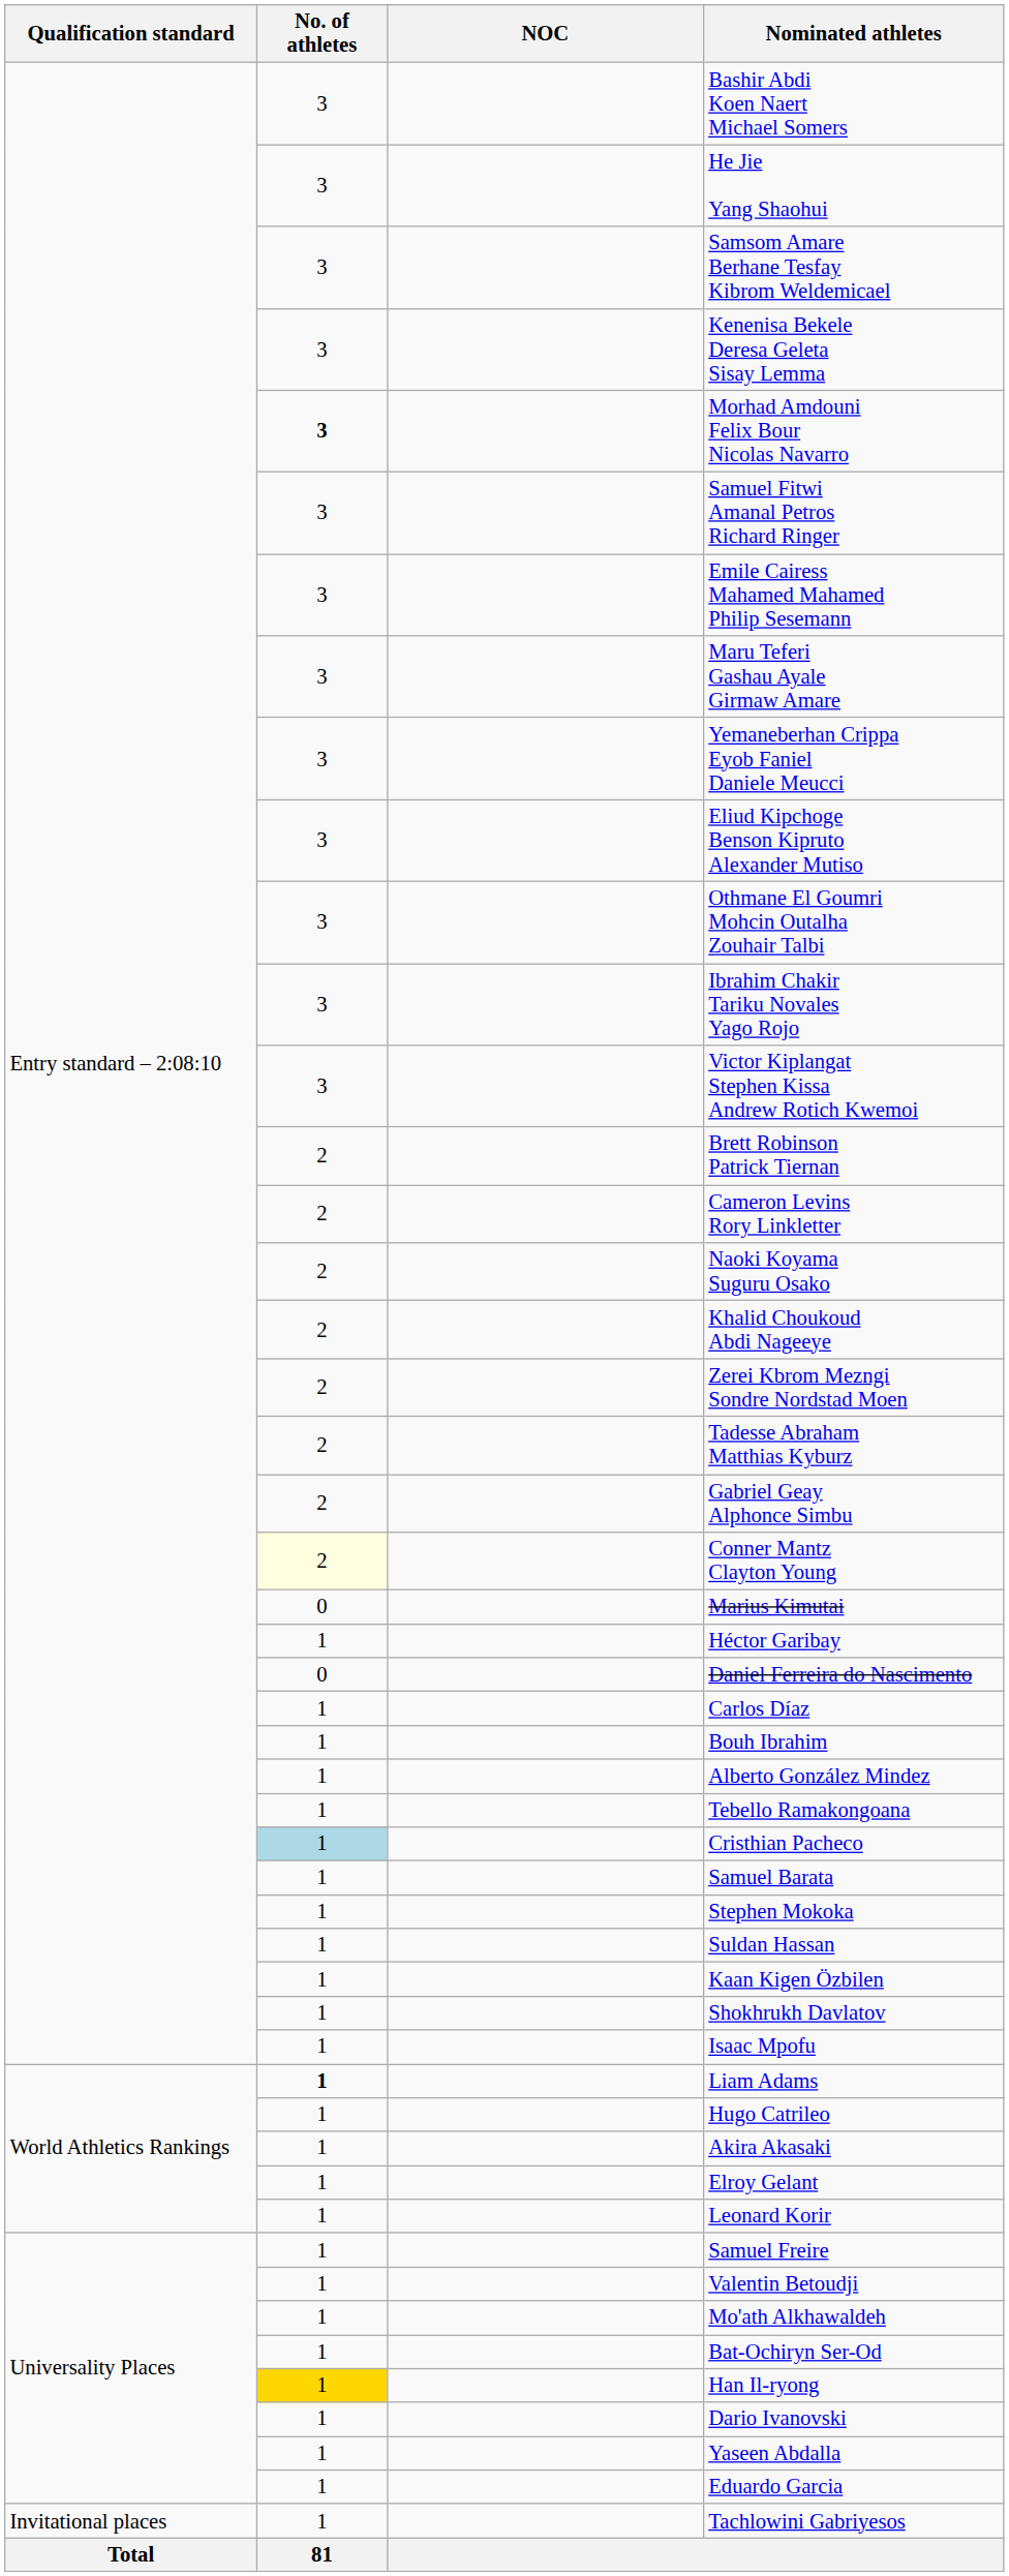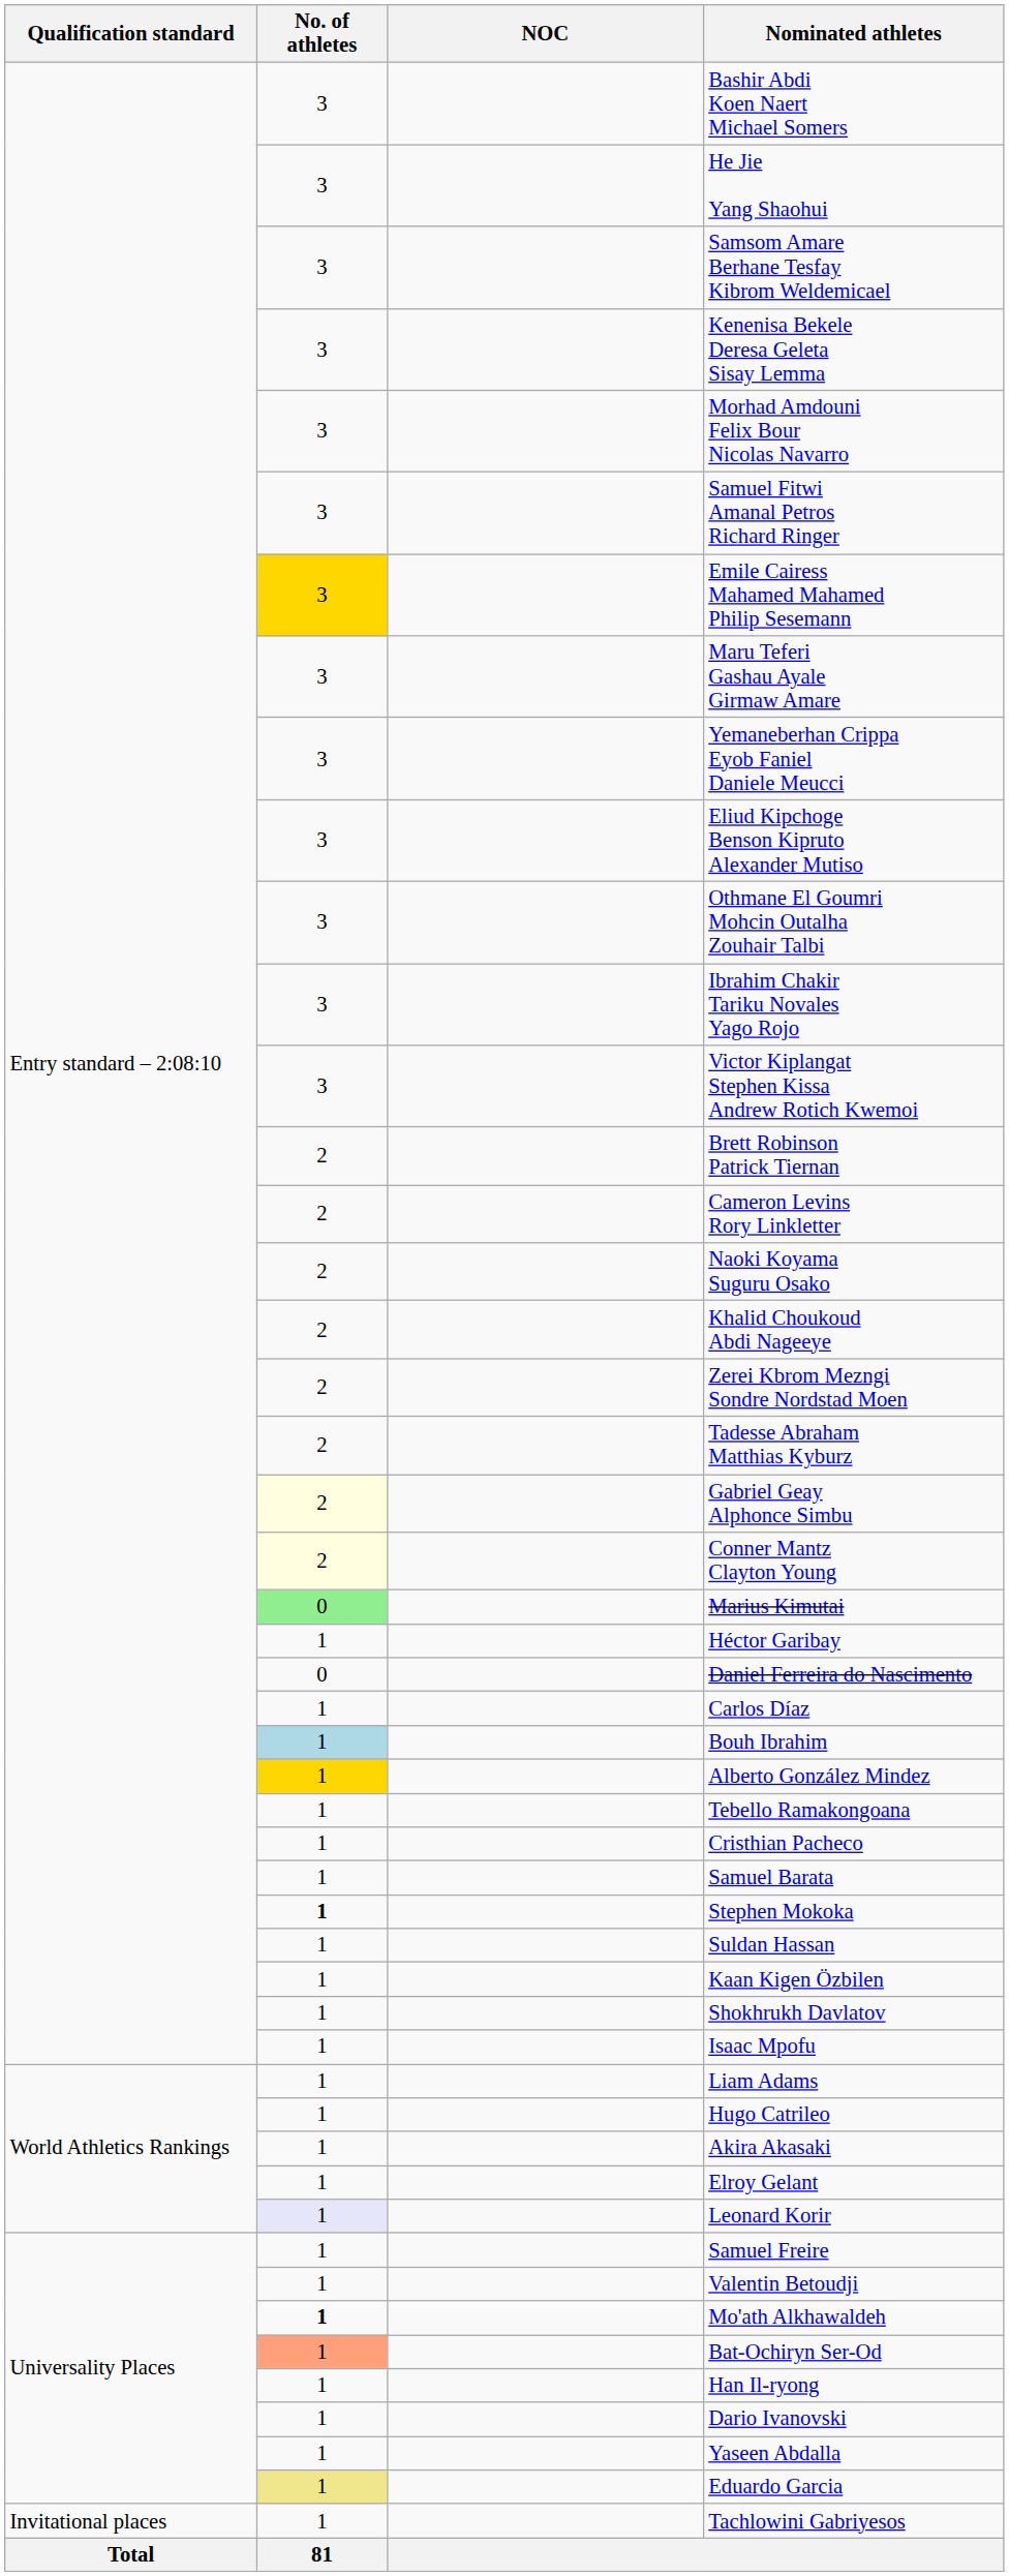 <table class="wikitable" style="text-align:left; width:750px;">
 <tr>
 <th>Qualification standard</th>
 <th width=90>No. of athletes</th>
 <th width=230>NOC</th>
 <th>Nominated athletes</th>
 </tr>
 <tr>
 <td rowspan=35>Entry standard – 2:08:10</td>
 <td align=center>3</td>
 <td></td>
 <td><a href='#'>Bashir Abdi</a><br><a href='#'>Koen Naert</a><br><a href='#'>Michael Somers</a></td>
 </tr>
 <tr>
 <td align=center>3</td>
 <td></td>
 <td><a href='#'>He Jie</a><br><br><a href='#'>Yang Shaohui</a></td>
 </tr>
 <tr>
 <td align=center>3</td>
 <td></td>
 <td><a href='#'>Samsom Amare</a><br><a href='#'>Berhane Tesfay</a><br><a href='#'>Kibrom Weldemicael</a></td>
 </tr>
 <tr>
 <td align=center>3</td>
 <td></td>
 <td><a href='#'>Kenenisa Bekele</a><br><a href='#'>Deresa Geleta</a><br><a href='#'>Sisay Lemma</a></td>
 </tr>
 <tr>
-<td align=center><strong>3</strong></td>
+<td align=center>3</td>
 <td></td>
 <td><a href='#'>Morhad Amdouni</a><br><a href='#'>Felix Bour</a><br><a href='#'>Nicolas Navarro</a></td>
 </tr>
 <tr>
 <td align=center>3</td>
 <td></td>
 <td><a href='#'>Samuel Fitwi</a><br><a href='#'>Amanal Petros</a><br><a href='#'>Richard Ringer</a></td>
 </tr>
 <tr>
-<td align=center>3</td>
+<td align=center style="background: gold;">3</td>
 <td></td>
 <td><a href='#'>Emile Cairess</a><br><a href='#'>Mahamed Mahamed</a><br><a href='#'>Philip Sesemann</a></td>
 </tr>
 <tr>
 <td align=center>3</td>
 <td></td>
 <td><a href='#'>Maru Teferi</a><br><a href='#'>Gashau Ayale</a><br><a href='#'>Girmaw Amare</a></td>
 </tr>
 <tr>
 <td align=center>3</td>
 <td></td>
 <td><a href='#'>Yemaneberhan Crippa</a><br><a href='#'>Eyob Faniel</a><br><a href='#'>Daniele Meucci</a></td>
 </tr>
 <tr>
 <td align=center>3</td>
 <td></td>
 <td><a href='#'>Eliud Kipchoge</a><br><a href='#'>Benson Kipruto</a><br><a href='#'>Alexander Mutiso</a></td>
 </tr>
 <tr>
 <td align=center>3</td>
 <td></td>
 <td><a href='#'>Othmane El Goumri</a><br><a href='#'>Mohcin Outalha</a><br><a href='#'>Zouhair Talbi</a></td>
 </tr>
 <tr>
 <td align=center>3</td>
 <td></td>
 <td><a href='#'>Ibrahim Chakir</a><br><a href='#'>Tariku Novales</a><br><a href='#'>Yago Rojo</a></td>
 </tr>
 <tr>
 <td align=center>3</td>
 <td></td>
 <td><a href='#'>Victor Kiplangat</a><br><a href='#'>Stephen Kissa</a><br><a href='#'>Andrew Rotich Kwemoi</a></td>
 </tr>
 <tr>
 <td align=center>2</td>
 <td></td>
 <td><a href='#'>Brett Robinson</a><br><a href='#'>Patrick Tiernan</a></td>
 </tr>
 <tr>
 <td align=center>2</td>
 <td></td>
 <td><a href='#'>Cameron Levins</a><br><a href='#'>Rory Linkletter</a></td>
 </tr>
 <tr>
 <td align=center>2</td>
 <td></td>
 <td><a href='#'>Naoki Koyama</a><br><a href='#'>Suguru Osako</a></td>
 </tr>
 <tr>
 <td align=center>2</td>
 <td></td>
 <td><a href='#'>Khalid Choukoud</a><br><a href='#'>Abdi Nageeye</a></td>
 </tr>
 <tr>
 <td align=center>2</td>
 <td></td>
 <td><a href='#'>Zerei Kbrom Mezngi</a><br><a href='#'>Sondre Nordstad Moen</a></td>
 </tr>
 <tr>
 <td align=center>2</td>
 <td></td>
 <td><a href='#'>Tadesse Abraham</a><br><a href='#'>Matthias Kyburz</a></td>
 </tr>
 <tr>
-<td align=center>2</td>
+<td align=center style="background: lightyellow;">2</td>
 <td></td>
 <td><a href='#'>Gabriel Geay</a><br><a href='#'>Alphonce Simbu</a></td>
 </tr>
 <tr>
 <td align=center style="background: lightyellow;">2</td>
 <td></td>
 <td><a href='#'>Conner Mantz</a><br><a href='#'>Clayton Young</a></td>
 </tr>
 <tr>
-<td align=center>0</td>
+<td align=center style="background: lightgreen;">0</td>
 <td></td>
 <td><s><a href='#'>Marius Kimutai</a></s> </td>
 </tr>
 <tr>
 <td align=center>1</td>
 <td></td>
 <td><a href='#'>Héctor Garibay</a></td>
 </tr>
 <tr>
 <td align=center>0</td>
 <td></td>
 <td><s><a href='#'>Daniel Ferreira do Nascimento</a></s> </td>
 </tr>
 <tr>
 <td align=center>1</td>
 <td></td>
 <td><a href='#'>Carlos Díaz</a></td>
 </tr>
 <tr>
-<td align=center>1</td>
+<td align=center style="background: lightblue;">1</td>
 <td></td>
 <td><a href='#'>Bouh Ibrahim</a></td>
 </tr>
 <tr>
-<td align=center>1</td>
+<td align=center style="background: gold;">1</td>
 <td></td>
 <td><a href='#'>Alberto González Mindez</a></td>
 </tr>
 <tr>
 <td align=center>1</td>
 <td></td>
 <td><a href='#'>Tebello Ramakongoana</a></td>
 </tr>
 <tr>
-<td align=center style="background: lightblue;">1</td>
+<td align=center>1</td>
 <td></td>
 <td><a href='#'>Cristhian Pacheco</a></td>
 </tr>
 <tr>
 <td align=center>1</td>
 <td></td>
 <td><a href='#'>Samuel Barata</a></td>
 </tr>
 <tr>
-<td align=center>1</td>
+<td align=center><strong>1</strong></td>
 <td></td>
 <td><a href='#'>Stephen Mokoka</a></td>
 </tr>
 <tr>
 <td align=center>1</td>
 <td></td>
 <td><a href='#'>Suldan Hassan</a></td>
 </tr>
 <tr>
 <td align=center>1</td>
 <td></td>
 <td><a href='#'>Kaan Kigen Özbilen</a></td>
 </tr>
 <tr>
 <td align=center>1</td>
 <td></td>
 <td><a href='#'>Shokhrukh Davlatov</a></td>
 </tr>
 <tr>
 <td align=center>1</td>
 <td></td>
 <td><a href='#'>Isaac Mpofu</a></td>
 </tr>
 <tr>
 <td rowspan=5>World Athletics Rankings</td>
-<td align=center><strong>1</strong></td>
+<td align=center>1</td>
 <td></td>
 <td><a href='#'>Liam Adams</a></td>
 </tr>
 <tr>
 <td align=center>1</td>
 <td></td>
 <td><a href='#'>Hugo Catrileo</a></td>
 </tr>
 <tr>
 <td align=center>1</td>
 <td></td>
 <td><a href='#'>Akira Akasaki</a></td>
 </tr>
 <tr>
 <td align=center>1</td>
 <td></td>
 <td><a href='#'>Elroy Gelant</a></td>
 </tr>
 <tr>
-<td align=center>1</td>
+<td align=center style="background: lavender;">1</td>
 <td></td>
 <td><a href='#'>Leonard Korir</a></td>
 </tr>
 <tr>
 <td rowspan=8>Universality Places</td>
 <td align=center>1</td>
 <td></td>
 <td><a href='#'>Samuel Freire</a></td>
 </tr>
 <tr>
 <td align=center>1</td>
 <td></td>
 <td><a href='#'>Valentin Betoudji</a></td>
 </tr>
 <tr>
-<td align=center>1</td>
+<td align=center><strong>1</strong></td>
 <td></td>
 <td><a href='#'>Mo'ath Alkhawaldeh</a></td>
 </tr>
 <tr>
-<td align=center>1</td>
+<td align=center style="background: lightsalmon;">1</td>
 <td></td>
 <td><a href='#'>Bat-Ochiryn Ser-Od</a></td>
 </tr>
 <tr>
-<td align=center style="background: gold;">1</td>
+<td align=center>1</td>
 <td></td>
 <td><a href='#'>Han Il-ryong</a></td>
 </tr>
 <tr>
 <td align=center>1</td>
 <td></td>
 <td><a href='#'>Dario Ivanovski</a></td>
 </tr>
 <tr>
 <td align=center>1</td>
 <td></td>
 <td><a href='#'>Yaseen Abdalla</a></td>
 </tr>
 <tr>
-<td align=center>1</td>
+<td align=center style="background: khaki;">1</td>
 <td></td>
 <td><a href='#'>Eduardo Garcia</a></td>
 </tr>
 <tr>
 <td>Invitational places</td>
 <td align=center>1</td>
 <td></td>
 <td><a href='#'>Tachlowini Gabriyesos</a></td>
 </tr>
 <tr>
 <th>Total</th>
 <th>81</th>
 <th colspan=2></th>
 </tr>
 </table>
